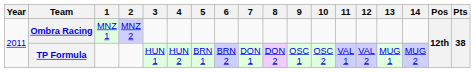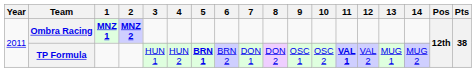 <table class="wikitable" style="text-align:center; font-size:85%">
 <tr>
 <th>Year</th>
 <th>Team</th>
 <th>1</th>
 <th>2</th>
 <th>3</th>
 <th>4</th>
 <th>5</th>
 <th>6</th>
 <th>7</th>
 <th>8</th>
 <th>9</th>
 <th>10</th>
 <th>11</th>
 <th>12</th>
 <th>13</th>
 <th>14</th>
 <th>Pos</th>
 <th>Pts</th>
 </tr>
 <tr>
 <td rowspan=2><a href='#'>2011</a></td>
 <th nowrap><a href='#'>Ombra Racing</a></th>
-<td style="background:#DFFFDF;"><a href='#'>MNZ<br>1</a><br></td>
-<td style="background:#CFCFFF;"><a href='#'>MNZ<br>2</a><br></td>
+<td style="background:#DFFFDF;"><strong><a href='#'>MNZ<br>1</a><br></strong></td>
+<td style="background:#CFCFFF;"><strong><a href='#'>MNZ<br>2</a><br></strong></td>
 <td></td>
 <td></td>
 <td></td>
 <td></td>
 <td></td>
 <td></td>
 <td></td>
 <td></td>
 <td></td>
 <td></td>
 <td></td>
 <td></td>
 <th rowspan=2>12th</th>
 <th rowspan=2>38</th>
 </tr>
 <tr>
 <th nowrap><a href='#'>TP Formula</a></th>
 <td></td>
 <td></td>
 <td style="background:#DFFFDF;"><a href='#'>HUN<br>1</a><br></td>
 <td style="background:#DFFFDF;"><a href='#'>HUN<br>2</a><br></td>
-<td style="background:#DFFFDF;"><a href='#'>BRN<br>1</a><br></td>
+<td style="background:#DFFFDF;"><strong><a href='#'>BRN<br>1</a><br></strong></td>
 <td style="background:#CFCFFF;"><a href='#'>BRN<br>2</a><br></td>
 <td style="background:#DFFFDF;"><a href='#'>DON<br>1</a><br></td>
 <td style="background:#EFCFFF;"><a href='#'>DON<br>2</a><br></td>
 <td style="background:#DFFFDF;"><a href='#'>OSC<br>1</a><br></td>
 <td style="background:#DFFFDF;"><a href='#'>OSC<br>2</a><br></td>
-<td style="background:#CFCFFF;"><a href='#'>VAL<br>1</a><br></td>
+<td style="background:#CFCFFF;"><strong><a href='#'>VAL<br>1</a><br></strong></td>
 <td style="background:#CFCFFF;"><a href='#'>VAL<br>2</a><br></td>
 <td style="background:#DFFFDF;"><a href='#'>MUG<br>1</a><br></td>
 <td style="background:#CFCFFF;"><a href='#'>MUG<br>2</a><br></td>
 </tr>
 </table>
